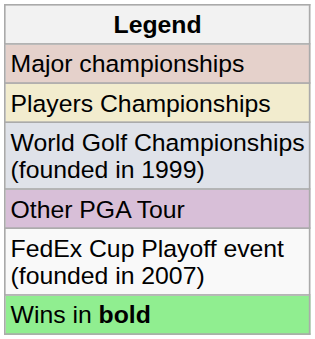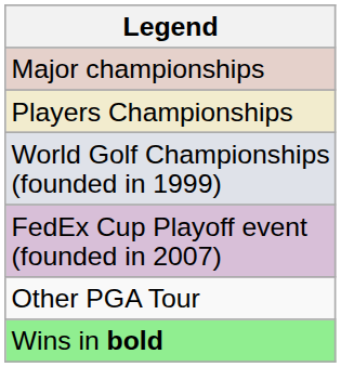 <table class="wikitable" style="font-size:95%;">
 <tr>
 <th>Legend</th>
 </tr>
 <tr style="background:#e5d1cb;">
 <td>Major championships</td>
 </tr>
 <tr style="background:#f2ecce;">
 <td>Players Championships</td>
 </tr>
 <tr style="background:#dfe2e9;">
 <td>World Golf Championships<br>(founded in 1999)</td>
 </tr>
 <tr style="background:#D8BFD8;">
-<td>Other PGA Tour</td>
+<td>FedEx Cup Playoff event<br>(founded in 2007)</td>
 </tr>
 <tr>
-<td>FedEx Cup Playoff event<br>(founded in 2007)</td>
+<td>Other PGA Tour</td>
 </tr>
 <tr>
 <td style="background: lightgreen;">Wins in <strong>bold</strong></td>
 </tr>
 </table>
